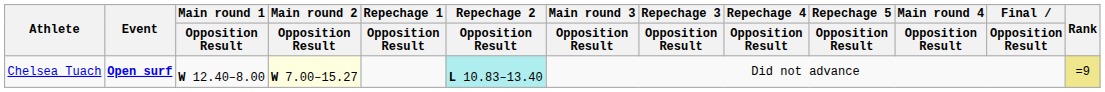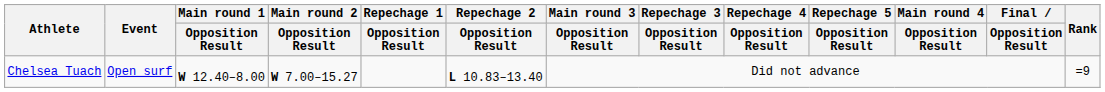 <table class="wikitable" style="font-size:85%">
 <tr>
 <th rowspan="2">Athlete</th>
 <th rowspan="2">Event</th>
 <th>Main round 1</th>
 <th>Main round 2</th>
 <th>Repechage 1</th>
 <th>Repechage 2</th>
 <th>Main round 3</th>
 <th>Repechage 3</th>
 <th>Repechage 4</th>
 <th>Repechage 5</th>
 <th>Main round 4</th>
 <th>Final  / </th>
 <th rowspan="2">Rank</th>
 </tr>
 <tr>
 <th>Opposition<br>Result</th>
 <th>Opposition<br>Result</th>
 <th>Opposition<br>Result</th>
 <th>Opposition<br>Result</th>
 <th>Opposition<br>Result</th>
 <th>Opposition<br>Result</th>
 <th>Opposition<br>Result</th>
 <th>Opposition<br>Result</th>
 <th>Opposition<br>Result</th>
 <th>Opposition<br>Result</th>
 </tr>
 <tr align=center>
 <td align=left><a href='#'>Chelsea Tuach</a></td>
-<td align=left><strong><a href='#'>Open surf</a></strong></td>
+<td align=left><a href='#'>Open surf</a></td>
 <td><br><strong>W</strong> 12.40–8.00</td>
-<td style="background: lightyellow;"><br><strong>W</strong> 7.00–15.27</td>
+<td><br><strong>W</strong> 7.00–15.27</td>
 <td></td>
-<td style="background: paleturquoise;"><br><strong>L</strong> 10.83–13.40</td>
+<td><br><strong>L</strong> 10.83–13.40</td>
 <td colspan=6>Did not advance</td>
-<td style="background: khaki;">=9</td>
+<td>=9</td>
 </tr>
 </table>
